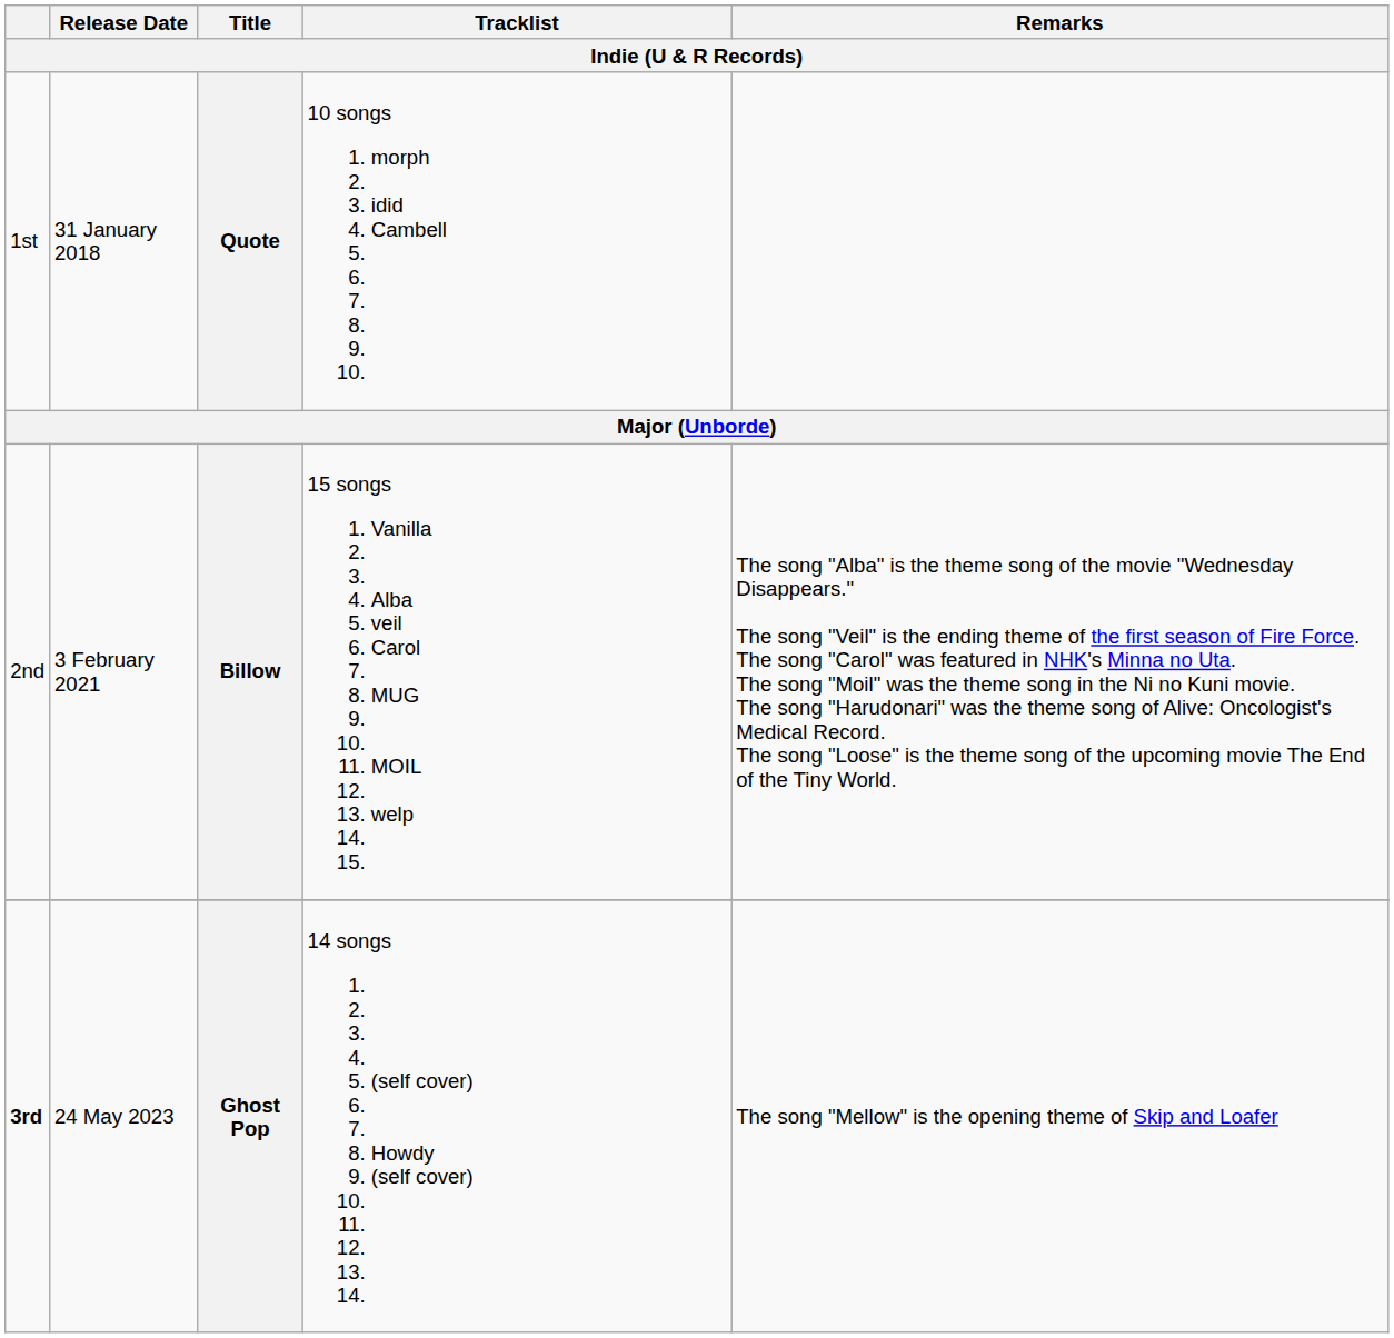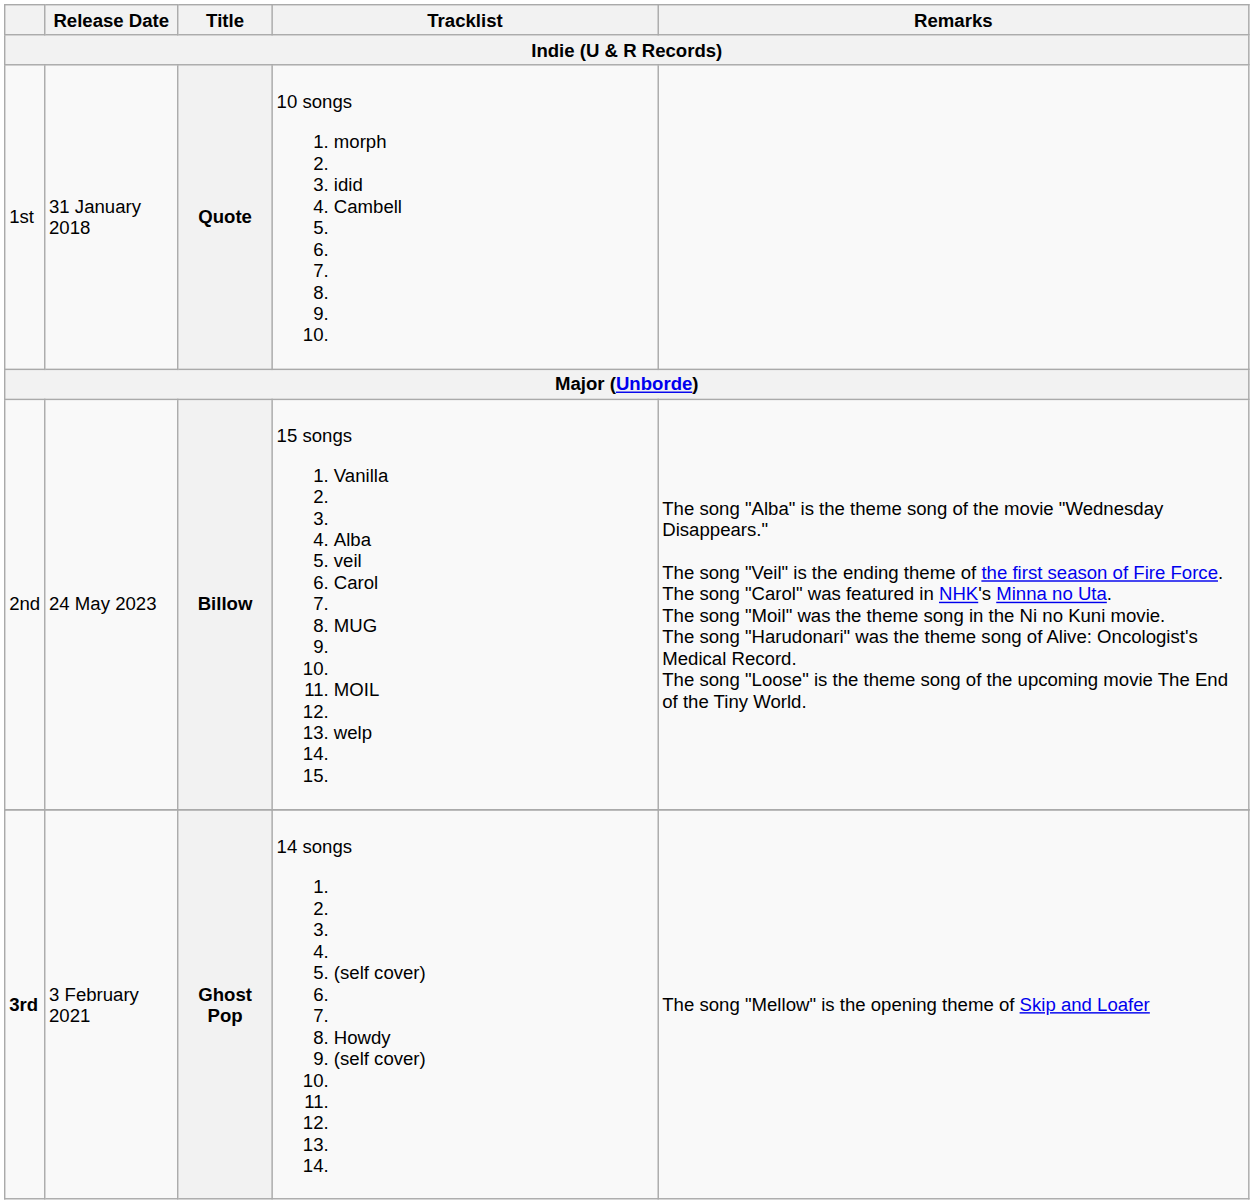 <table class="wikitable" style=font-size:small>
 <tr>
 <th> </th>
 <th>Release Date</th>
 <th>Title</th>
 <th style="width:31%">Tracklist</th>
 <th>Remarks</th>
 </tr>
 <tr>
 <th style="font-size:small;" colspan="6">Indie (U & R Records)</th>
 </tr>
 <tr>
 <td>1st</td>
 <td>31 January 2018</td>
 <th>Quote</th>
 <td><br>10 songs<ol><li>morph</li><li></li><li>idid</li><li>Cambell</li><li></li><li></li><li></li><li></li><li></li><li></li></ol></td>
 <td></td>
 </tr>
 <tr>
 <th style="font-size:small;" colspan="6">Major (<a href='#'>Unborde</a>)</th>
 </tr>
 <tr>
 <td>2nd</td>
-<td>3 February 2021</td>
+<td>24 May 2023</td>
 <th>Billow</th>
 <td><br>15 songs<ol><li>Vanilla</li><li></li><li></li><li>Alba</li><li>veil</li><li>Carol</li><li></li><li>MUG</li><li></li><li></li><li>MOIL</li><li></li><li>welp</li><li></li><li></li></ol></td>
 <td>The song "Alba" is the theme song of the movie "Wednesday Disappears." <br><br>The song "Veil" is the ending theme of <a href='#'>the first season of Fire Force</a>. <br> The song "Carol" was featured in <a href='#'>NHK</a>'s <a href='#'>Minna no Uta</a>. <br> The song "Moil" was the theme song in the Ni no Kuni movie. <br> The song "Harudonari" was the theme song of Alive: Oncologist's Medical Record. <br> The song "Loose" is the theme song of the upcoming movie The End of the Tiny World.</td>
 </tr>
 <tr>
 </tr>
 <tr>
 <td><strong>3rd</strong></td>
-<td>24 May 2023</td>
+<td>3 February 2021</td>
 <th>Ghost Pop</th>
 <td><br>14 songs<ol><li></li><li></li><li></li><li></li><li> (self cover)</li><li></li><li></li><li>Howdy</li><li> (self cover)</li><li></li><li></li><li></li><li></li><li></li></ol></td>
 <td>The song "Mellow" is the opening theme of <a href='#'>Skip and Loafer</a></td>
 </tr>
 </table>
